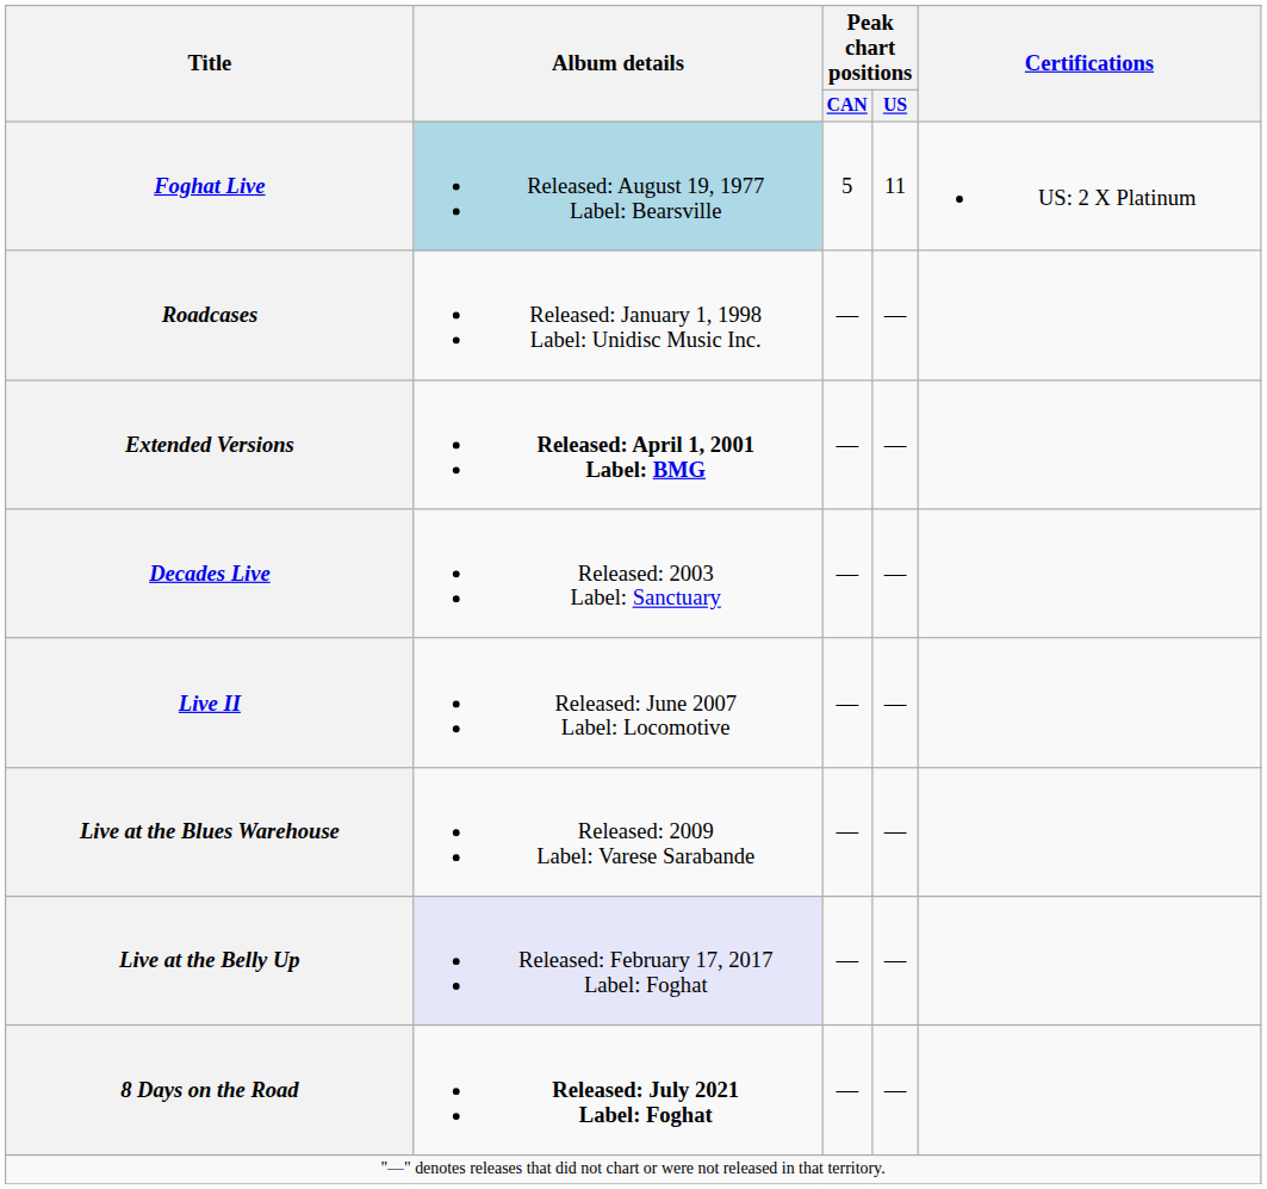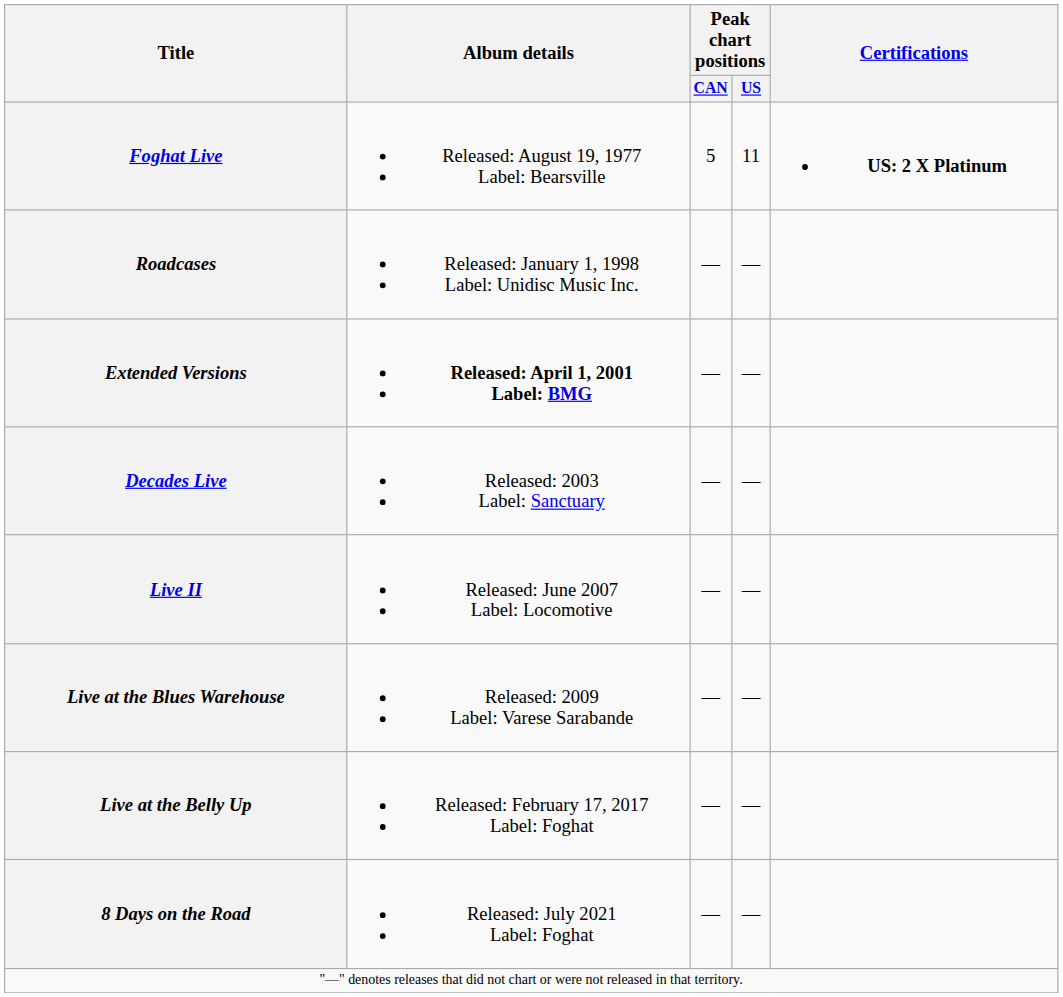 <table class="wikitable plainrowheaders" style="text-align:center;">
 <tr>
 <th scope="col" rowspan="2" style="width:18em;">Title</th>
 <th scope="col" rowspan="2" style="width:18em;">Album details</th>
 <th scope="col" colspan="2">Peak chart positions</th>
 <th rowspan="2" style="width:15em;"><a href='#'>Certifications</a></th>
 </tr>
 <tr>
 <th style="width:2em;font-size:85%"><a href='#'>CAN</a><br></th>
 <th style="width:2em;font-size:85%"><a href='#'>US</a><br></th>
 </tr>
 <tr>
 <th scope="row"><em><a href='#'>Foghat Live</a></em></th>
-<td style="background: lightblue;"><br><ul><li>Released: August 19, 1977</li><li>Label: Bearsville</li></ul></td>
+<td><br><ul><li>Released: August 19, 1977</li><li>Label: Bearsville</li></ul></td>
 <td>5</td>
 <td>11</td>
-<td><br><ul><li>US: 2 X Platinum</li></ul></td>
+<td><strong><br><ul><li>US: 2 X Platinum</li></ul></strong></td>
 </tr>
 <tr>
 <th scope="row"><em>Roadcases</em></th>
 <td><br><ul><li>Released: January 1, 1998</li><li>Label: Unidisc Music Inc.</li></ul></td>
 <td>—</td>
 <td>—</td>
 <td></td>
 </tr>
 <tr>
 <th scope="row"><em>Extended Versions</em></th>
 <td><strong><br><ul><li>Released: April 1, 2001</li><li>Label: <a href='#'>BMG</a></li></ul></strong></td>
 <td>—</td>
 <td>—</td>
 <td></td>
 </tr>
 <tr>
 <th scope="row"><em><a href='#'>Decades Live</a></em></th>
 <td><br><ul><li>Released: 2003</li><li>Label: <a href='#'>Sanctuary</a></li></ul></td>
 <td>—</td>
 <td>—</td>
 <td></td>
 </tr>
 <tr>
 <th scope="row"><em><a href='#'>Live II</a></em></th>
 <td><br><ul><li>Released: June 2007</li><li>Label: Locomotive</li></ul></td>
 <td>—</td>
 <td>—</td>
 <td></td>
 </tr>
 <tr>
 <th scope="row"><em>Live at the Blues Warehouse</em></th>
 <td><br><ul><li>Released: 2009</li><li>Label: Varese Sarabande</li></ul></td>
 <td>—</td>
 <td>—</td>
 <td></td>
 </tr>
 <tr>
 <th scope="row"><em>Live at the Belly Up</em></th>
-<td style="background: lavender;"><br><ul><li>Released: February 17, 2017</li><li>Label: Foghat</li></ul></td>
+<td><br><ul><li>Released: February 17, 2017</li><li>Label: Foghat</li></ul></td>
 <td>—</td>
 <td>—</td>
 <td></td>
 </tr>
 <tr>
 <th scope="row"><em>8 Days on the Road</em></th>
-<td><strong><br><ul><li>Released: July 2021</li><li>Label: Foghat</li></ul></strong></td>
+<td><br><ul><li>Released: July 2021</li><li>Label: Foghat</li></ul></td>
 <td>—</td>
 <td>—</td>
 <td></td>
 </tr>
 <tr>
 <td colspan="16" style="text-align:center; font-size:9pt;">"—" denotes releases that did not chart or were not released in that territory.</td>
 </tr>
 </table>
